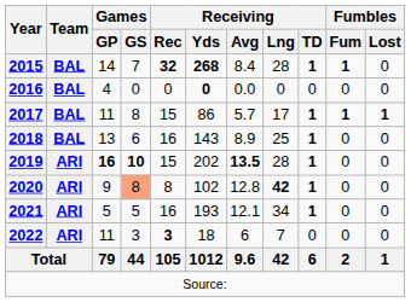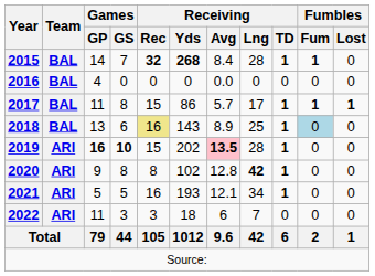 <table class="wikitable" style="text-align:center;">
 <tr>
 <th rowspan="2">Year</th>
 <th rowspan="2">Team</th>
 <th colspan="2">Games</th>
 <th colspan="5">Receiving</th>
 <th colspan="2">Fumbles</th>
 </tr>
 <tr>
 <th>GP</th>
 <th>GS</th>
 <th>Rec</th>
 <th>Yds</th>
 <th>Avg</th>
 <th>Lng</th>
 <th>TD</th>
 <th>Fum</th>
 <th>Lost</th>
 </tr>
 <tr>
 <th><a href='#'>2015</a></th>
 <th><a href='#'>BAL</a></th>
 <td>14</td>
 <td>7</td>
 <td><strong>32</strong></td>
 <td><strong>268</strong></td>
 <td>8.4</td>
 <td>28</td>
 <td><strong>1</strong></td>
 <td><strong>1</strong></td>
 <td>0</td>
 </tr>
 <tr>
 <th><a href='#'>2016</a></th>
 <th><a href='#'>BAL</a></th>
 <td>4</td>
 <td>0</td>
 <td>0</td>
-<td><strong>0</strong></td>
+<td>0</td>
 <td>0.0</td>
 <td>0</td>
 <td>0</td>
 <td>0</td>
 <td>0</td>
 </tr>
 <tr>
 <th><a href='#'>2017</a></th>
 <th><a href='#'>BAL</a></th>
 <td>11</td>
 <td>8</td>
 <td>15</td>
 <td>86</td>
 <td>5.7</td>
 <td>17</td>
 <td><strong>1</strong></td>
 <td><strong>1</strong></td>
 <td><strong>1</strong></td>
 </tr>
 <tr>
 <th><a href='#'>2018</a></th>
 <th><a href='#'>BAL</a></th>
 <td>13</td>
 <td>6</td>
-<td>16</td>
+<td style="background: khaki;">16</td>
 <td>143</td>
 <td>8.9</td>
 <td>25</td>
 <td><strong>1</strong></td>
-<td>0</td>
+<td style="background: lightblue;">0</td>
 <td>0</td>
 </tr>
 <tr>
 <th><a href='#'>2019</a></th>
 <th><a href='#'>ARI</a></th>
 <td><strong>16</strong></td>
 <td><strong>10</strong></td>
 <td>15</td>
 <td>202</td>
-<td><strong>13.5</strong></td>
+<td style="background: pink;"><strong>13.5</strong></td>
 <td>28</td>
 <td><strong>1</strong></td>
 <td>0</td>
 <td>0</td>
 </tr>
 <tr>
 <th><a href='#'>2020</a></th>
 <th><a href='#'>ARI</a></th>
 <td>9</td>
-<td style="background: lightsalmon;">8</td>
+<td>8</td>
 <td>8</td>
 <td>102</td>
 <td>12.8</td>
 <td><strong>42</strong></td>
 <td><strong>1</strong></td>
 <td>0</td>
 <td>0</td>
 </tr>
 <tr>
 <th><a href='#'>2021</a></th>
 <th><a href='#'>ARI</a></th>
 <td>5</td>
 <td>5</td>
 <td>16</td>
 <td>193</td>
 <td>12.1</td>
 <td>34</td>
 <td><strong>1</strong></td>
 <td>0</td>
 <td>0</td>
 </tr>
 <tr>
 <th><a href='#'>2022</a></th>
 <th><a href='#'>ARI</a></th>
 <td>11</td>
 <td>3</td>
-<td><strong>3</strong></td>
+<td>3</td>
 <td>18</td>
 <td>6</td>
 <td>7</td>
 <td>0</td>
 <td>0</td>
 <td>0</td>
 </tr>
 <tr>
 <th colspan="2">Total</th>
 <th>79</th>
 <th>44</th>
 <th>105</th>
 <th>1012</th>
 <th>9.6</th>
 <th>42</th>
 <th>6</th>
 <th>2</th>
 <th>1</th>
 </tr>
 <tr>
 <td colspan="11"><small>Source: </small></td>
 </tr>
 </table>
